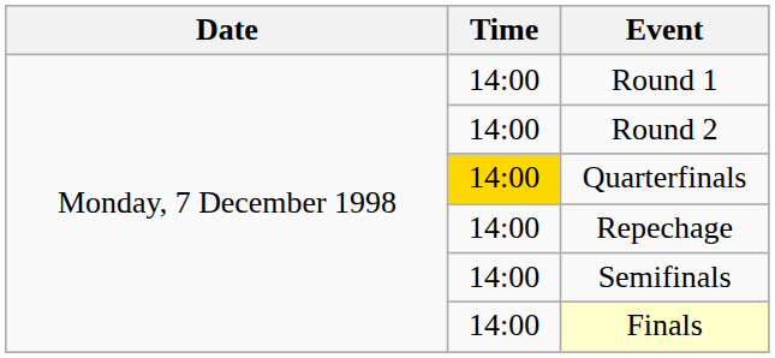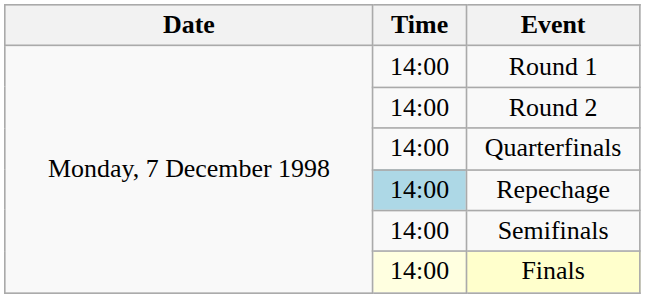 <table class = "wikitable" style="text-align:center;">
 <tr>
 <th width=220>Date</th>
 <th width=50>Time</th>
 <th width=100>Event</th>
 </tr>
 <tr>
 <td rowspan=6>Monday, 7 December 1998</td>
 <td>14:00</td>
 <td>Round 1</td>
 </tr>
 <tr>
 <td>14:00</td>
 <td>Round 2</td>
 </tr>
 <tr>
-<td style="background: gold;">14:00</td>
+<td>14:00</td>
 <td>Quarterfinals</td>
 </tr>
 <tr>
-<td>14:00</td>
+<td style="background: lightblue;">14:00</td>
 <td>Repechage</td>
 </tr>
 <tr>
 <td>14:00</td>
 <td>Semifinals</td>
 </tr>
 <tr>
-<td>14:00</td>
+<td style="background: lightyellow;">14:00</td>
 <td bgcolor=ffffcc>Finals</td>
 </tr>
 </table>
